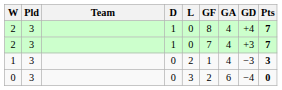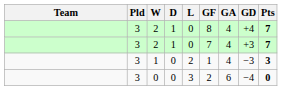 <table class="wikitable" style="text-align:center">
 <tr>
+<th width=185>Team</th>
+<th width=20>Pld</th>
 <th width=20>W</th>
-<th width=20>Pld</th>
-<th width=185>Team</th>
 <th width=20>D</th>
 <th width=20>L</th>
 <th width=20>GF</th>
 <th width=20>GA</th>
 <th width=20>GD</th>
 <th width=20>Pts</th>
 </tr>
 <tr bgcolor="#ccffcc">
+<td align="left"></td>
+<td>3</td>
 <td>2</td>
-<td>3</td>
-<td align="left"></td>
 <td>1</td>
 <td>0</td>
 <td>8</td>
 <td>4</td>
 <td>+4</td>
 <td><strong>7</strong></td>
 </tr>
 <tr bgcolor="#ccffcc">
+<td align="left"></td>
+<td>3</td>
 <td>2</td>
-<td>3</td>
-<td align="left"></td>
 <td>1</td>
 <td>0</td>
 <td>7</td>
 <td>4</td>
 <td>+3</td>
 <td><strong>7</strong></td>
 </tr>
 <tr>
+<td align="left"></td>
+<td>3</td>
 <td>1</td>
-<td>3</td>
-<td align="left"></td>
 <td>0</td>
 <td>2</td>
 <td>1</td>
 <td>4</td>
 <td>−3</td>
 <td><strong>3</strong></td>
 </tr>
 <tr>
+<td align="left"></td>
+<td>3</td>
 <td>0</td>
-<td>3</td>
-<td align="left"></td>
 <td>0</td>
 <td>3</td>
 <td>2</td>
 <td>6</td>
 <td>−4</td>
 <td><strong>0</strong></td>
 </tr>
 </table>
